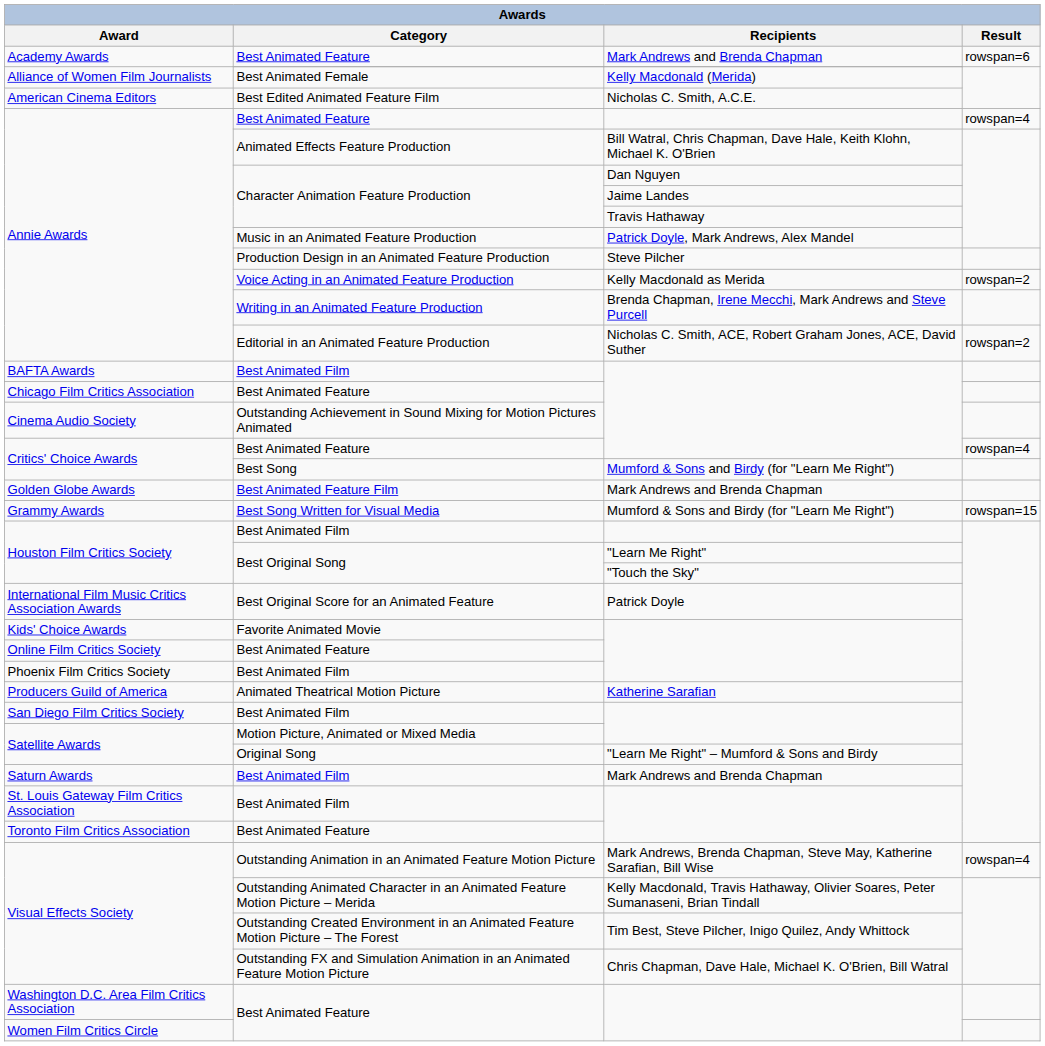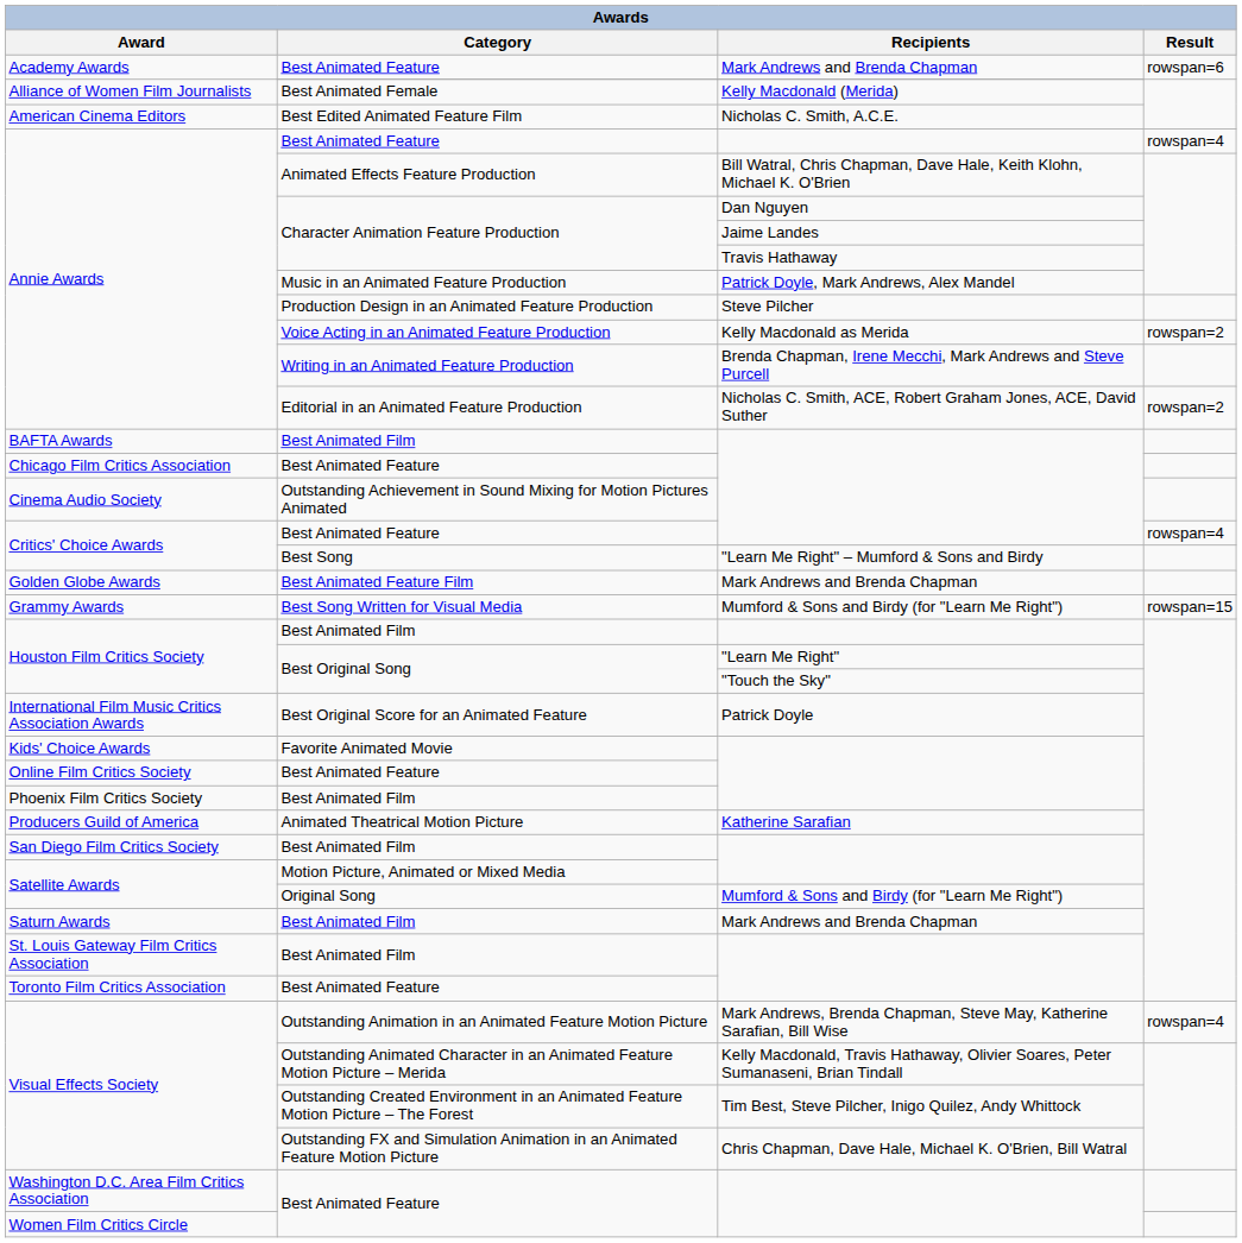 <table class="wikitable sortable" style="width:100%;">
 <tr style="background:#ccc; text-align:center;">
 <th colspan="4" style="background: LightSteelBlue;">Awards</th>
 </tr>
 <tr style="background:#ccc; text-align:center;">
 <th>Award</th>
 <th>Category</th>
 <th>Recipients</th>
 <th>Result</th>
 </tr>
 <tr>
 <td><a href='#'>Academy Awards</a></td>
 <td><a href='#'>Best Animated Feature</a></td>
 <td><a href='#'>Mark Andrews</a> and <a href='#'>Brenda Chapman</a></td>
 <td>rowspan=6 </td>
 </tr>
 <tr>
 <td rowspan=2><a href='#'>Alliance of Women Film Journalists</a></td>
 </tr>
 <tr>
 <td>Best Animated Female</td>
 <td><a href='#'>Kelly Macdonald</a> (<a href='#'>Merida</a>)</td>
 </tr>
 <tr>
 <td><a href='#'>American Cinema Editors</a></td>
 <td>Best Edited Animated Feature Film</td>
 <td>Nicholas C. Smith, A.C.E.</td>
 </tr>
 <tr>
 <td rowspan="10"><a href='#'>Annie Awards</a></td>
 <td><a href='#'>Best Animated Feature</a></td>
 <td></td>
 <td>rowspan=4 </td>
 </tr>
 <tr>
 <td>Animated Effects Feature Production</td>
 <td>Bill Watral, Chris Chapman, Dave Hale, Keith Klohn, Michael K. O'Brien</td>
 </tr>
 <tr>
 <td rowspan=3>Character Animation Feature Production</td>
 <td>Dan Nguyen</td>
 </tr>
 <tr>
 <td>Jaime Landes</td>
 </tr>
 <tr>
 <td>Travis Hathaway</td>
 </tr>
 <tr>
 <td>Music in an Animated Feature Production</td>
 <td><a href='#'>Patrick Doyle</a>, Mark Andrews, Alex Mandel</td>
 </tr>
 <tr>
 <td>Production Design in an Animated Feature Production</td>
 <td>Steve Pilcher</td>
 <td></td>
 </tr>
 <tr>
 <td><a href='#'>Voice Acting in an Animated Feature Production</a></td>
 <td>Kelly Macdonald as Merida</td>
 <td>rowspan=2 </td>
 </tr>
 <tr>
 <td><a href='#'>Writing in an Animated Feature Production</a></td>
 <td>Brenda Chapman, <a href='#'>Irene Mecchi</a>, Mark Andrews and <a href='#'>Steve Purcell</a></td>
 </tr>
 <tr>
 <td>Editorial in an Animated Feature Production</td>
 <td>Nicholas C. Smith, ACE, Robert Graham Jones, ACE, David Suther</td>
 <td>rowspan=2 </td>
 </tr>
 <tr>
 <td><a href='#'>BAFTA Awards</a></td>
 <td><a href='#'>Best Animated Film</a></td>
 <td rowspan="4"></td>
 </tr>
 <tr>
 <td><a href='#'>Chicago Film Critics Association</a></td>
 <td>Best Animated Feature</td>
 <td></td>
 </tr>
 <tr>
 <td><a href='#'>Cinema Audio Society</a></td>
 <td>Outstanding Achievement in Sound Mixing for Motion Pictures Animated</td>
 <td></td>
 </tr>
 <tr>
 <td rowspan="2"><a href='#'>Critics' Choice Awards</a></td>
 <td>Best Animated Feature</td>
 <td>rowspan=4 </td>
 </tr>
 <tr>
 <td>Best Song</td>
-<td><a href='#'>Mumford & Sons</a> and <a href='#'>Birdy</a> (for "Learn Me Right")</td>
+<td>"Learn Me Right" – Mumford & Sons and Birdy</td>
 </tr>
 <tr>
 <td><a href='#'>Golden Globe Awards</a></td>
 <td><a href='#'>Best Animated Feature Film</a></td>
 <td>Mark Andrews and Brenda Chapman</td>
 <td></td>
 </tr>
 <tr>
 <td><a href='#'>Grammy Awards</a></td>
 <td><a href='#'>Best Song Written for Visual Media</a></td>
 <td>Mumford & Sons and Birdy (for "Learn Me Right")</td>
 <td>rowspan=15 </td>
 </tr>
 <tr>
 <td rowspan=3><a href='#'>Houston Film Critics Society</a></td>
 <td>Best Animated Film</td>
 <td></td>
 </tr>
 <tr>
 <td rowspan=2>Best Original Song</td>
 <td>"Learn Me Right"</td>
 </tr>
 <tr>
 <td>"Touch the Sky"</td>
 </tr>
 <tr>
 <td><a href='#'>International Film Music Critics Association Awards</a></td>
 <td>Best Original Score for an Animated Feature</td>
 <td>Patrick Doyle</td>
 </tr>
 <tr>
 <td><a href='#'>Kids' Choice Awards</a></td>
 <td>Favorite Animated Movie</td>
 <td rowspan="3"></td>
 </tr>
 <tr>
 <td><a href='#'>Online Film Critics Society</a></td>
 <td>Best Animated Feature</td>
 </tr>
 <tr>
 <td>Phoenix Film Critics Society</td>
 <td>Best Animated Film</td>
 </tr>
 <tr>
 <td><a href='#'>Producers Guild of America</a></td>
 <td>Animated Theatrical Motion Picture</td>
 <td><a href='#'>Katherine Sarafian</a></td>
 </tr>
 <tr>
 <td><a href='#'>San Diego Film Critics Society</a></td>
 <td>Best Animated Film</td>
 <td rowspan="2"></td>
 </tr>
 <tr>
 <td rowspan="2"><a href='#'>Satellite Awards</a></td>
 <td>Motion Picture, Animated or Mixed Media</td>
 </tr>
 <tr>
 <td>Original Song</td>
-<td>"Learn Me Right" – Mumford & Sons and Birdy</td>
+<td><a href='#'>Mumford & Sons</a> and <a href='#'>Birdy</a> (for "Learn Me Right")</td>
 </tr>
 <tr>
 <td><a href='#'>Saturn Awards</a></td>
 <td><a href='#'>Best Animated Film</a></td>
 <td>Mark Andrews and Brenda Chapman</td>
 </tr>
 <tr>
 <td><a href='#'>St. Louis Gateway Film Critics Association</a></td>
 <td>Best Animated Film</td>
 <td rowspan="2"></td>
 </tr>
 <tr>
 <td><a href='#'>Toronto Film Critics Association</a></td>
 <td>Best Animated Feature</td>
 </tr>
 <tr>
 <td rowspan="4"><a href='#'>Visual Effects Society</a></td>
 <td>Outstanding Animation in an Animated Feature Motion Picture</td>
 <td>Mark Andrews, Brenda Chapman, Steve May, Katherine Sarafian, Bill Wise</td>
 <td>rowspan=4 </td>
 </tr>
 <tr>
 <td>Outstanding Animated Character in an Animated Feature Motion Picture – Merida</td>
 <td>Kelly Macdonald, Travis Hathaway, Olivier Soares, Peter Sumanaseni, Brian Tindall</td>
 </tr>
 <tr>
 <td>Outstanding Created Environment in an Animated Feature Motion Picture – The Forest</td>
 <td>Tim Best, Steve Pilcher, Inigo Quilez, Andy Whittock</td>
 </tr>
 <tr>
 <td>Outstanding FX and Simulation Animation in an Animated Feature Motion Picture</td>
 <td>Chris Chapman, Dave Hale, Michael K. O'Brien, Bill Watral</td>
 </tr>
 <tr>
 <td><a href='#'>Washington D.C. Area Film Critics Association</a></td>
 <td rowspan="2">Best Animated Feature</td>
 <td rowspan="2"></td>
 <td></td>
 </tr>
 <tr>
 <td><a href='#'>Women Film Critics Circle</a></td>
 <td></td>
 </tr>
 </table>
